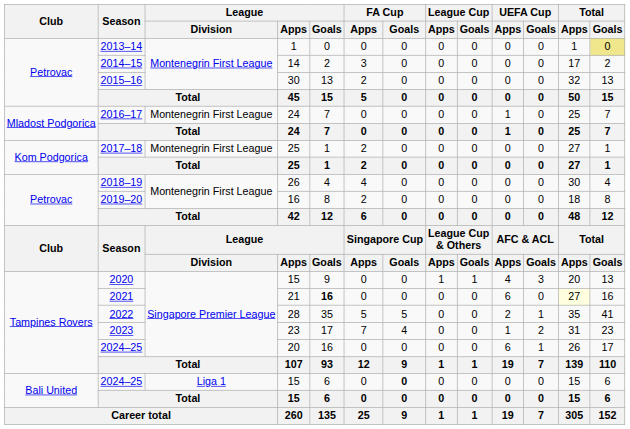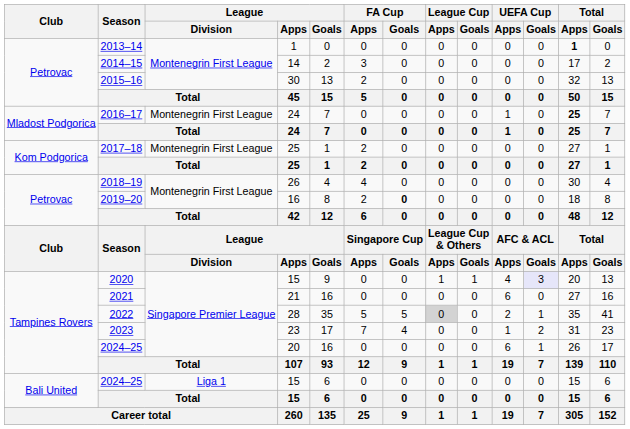 <table class="wikitable" style="text-align: center">
 <tr>
 <th rowspan="2">Club</th>
 <th rowspan="2">Season</th>
 <th colspan="3">League</th>
 <th colspan="2">FA Cup</th>
 <th colspan="2">League Cup</th>
 <th colspan="2">UEFA Cup</th>
 <th colspan="2">Total</th>
 </tr>
 <tr>
 <th>Division</th>
 <th>Apps</th>
 <th>Goals</th>
 <th>Apps</th>
 <th>Goals</th>
 <th>Apps</th>
 <th>Goals</th>
 <th>Apps</th>
 <th>Goals</th>
 <th>Apps</th>
 <th>Goals</th>
 </tr>
 <tr>
 <td rowspan="4"><a href='#'>Petrovac</a></td>
 <td><a href='#'>2013–14</a></td>
 <td rowspan="3"><a href='#'>Montenegrin First League</a></td>
 <td>1</td>
 <td>0</td>
 <td>0</td>
 <td>0</td>
 <td>0</td>
 <td>0</td>
 <td>0</td>
 <td>0</td>
-<td>1</td>
-<td style="background: khaki;">0</td>
+<td><strong>1</strong></td>
+<td>0</td>
 </tr>
 <tr>
 <td><a href='#'>2014–15</a></td>
 <td>14</td>
 <td>2</td>
 <td>3</td>
 <td>0</td>
 <td>0</td>
 <td>0</td>
 <td>0</td>
 <td>0</td>
 <td>17</td>
 <td>2</td>
 </tr>
 <tr>
 <td><a href='#'>2015–16</a></td>
 <td>30</td>
 <td>13</td>
 <td>2</td>
 <td>0</td>
 <td>0</td>
 <td>0</td>
 <td>0</td>
 <td>0</td>
 <td>32</td>
 <td>13</td>
 </tr>
 <tr>
 <th colspan=2>Total</th>
 <th>45</th>
 <th>15</th>
 <th>5</th>
 <th>0</th>
 <th>0</th>
 <th>0</th>
 <th>0</th>
 <th>0</th>
 <th>50</th>
 <th>15</th>
 </tr>
 <tr>
 <td rowspan="2"><a href='#'>Mladost Podgorica</a></td>
 <td><a href='#'>2016–17</a></td>
 <td>Montenegrin First League</td>
 <td>24</td>
 <td>7</td>
 <td>0</td>
 <td>0</td>
 <td>0</td>
 <td>0</td>
 <td>1</td>
 <td>0</td>
-<td>25</td>
+<td><strong>25</strong></td>
 <td>7</td>
 </tr>
 <tr>
 <th colspan=2>Total</th>
 <th>24</th>
 <th>7</th>
 <th>0</th>
 <th>0</th>
 <th>0</th>
 <th>0</th>
 <th>1</th>
 <th>0</th>
 <th>25</th>
 <th>7</th>
 </tr>
 <tr>
 <td rowspan="2"><a href='#'>Kom Podgorica</a></td>
 <td><a href='#'>2017–18</a></td>
 <td>Montenegrin First League</td>
 <td>25</td>
 <td>1</td>
 <td>2</td>
 <td>0</td>
 <td>0</td>
 <td>0</td>
 <td>0</td>
 <td>0</td>
 <td>27</td>
 <td>1</td>
 </tr>
 <tr>
 <th colspan=2>Total</th>
 <th>25</th>
 <th>1</th>
 <th>2</th>
 <th>0</th>
 <th>0</th>
 <th>0</th>
 <th>0</th>
 <th>0</th>
 <th>27</th>
 <th>1</th>
 </tr>
 <tr>
 <td rowspan="3"><a href='#'>Petrovac</a></td>
 <td><a href='#'>2018–19</a></td>
 <td rowspan="2">Montenegrin First League</td>
 <td>26</td>
 <td>4</td>
 <td>4</td>
 <td>0</td>
 <td>0</td>
 <td>0</td>
 <td>0</td>
 <td>0</td>
 <td>30</td>
 <td>4</td>
 </tr>
 <tr>
 <td><a href='#'>2019–20</a></td>
 <td>16</td>
 <td>8</td>
 <td>2</td>
-<td>0</td>
+<td><strong>0</strong></td>
 <td>0</td>
 <td>0</td>
 <td>0</td>
 <td>0</td>
 <td>18</td>
 <td>8</td>
 </tr>
 <tr>
 <th colspan=2>Total</th>
 <th>42</th>
 <th>12</th>
 <th>6</th>
 <th>0</th>
 <th>0</th>
 <th>0</th>
 <th>0</th>
 <th>0</th>
 <th>48</th>
 <th>12</th>
 </tr>
 <tr>
 <th rowspan="2">Club</th>
 <th rowspan="2">Season</th>
 <th colspan="3">League</th>
 <th colspan="2">Singapore Cup</th>
 <th colspan="2">League Cup <br> & Others</th>
 <th colspan="2">AFC & ACL</th>
 <th colspan="2">Total</th>
 </tr>
 <tr>
 <th>Division</th>
 <th>Apps</th>
 <th>Goals</th>
 <th>Apps</th>
 <th>Goals</th>
 <th>Apps</th>
 <th>Goals</th>
 <th>Apps</th>
 <th>Goals</th>
 <th>Apps</th>
 <th>Goals</th>
 </tr>
 <tr>
 <td rowspan="6"><a href='#'>Tampines Rovers</a></td>
 <td><a href='#'>2020</a></td>
 <td rowspan="5"><a href='#'>Singapore Premier League</a></td>
 <td>15</td>
 <td>9</td>
 <td>0</td>
 <td>0</td>
 <td>1</td>
 <td>1</td>
 <td>4</td>
-<td>3</td>
+<td style="background: lavender;">3</td>
 <td>20</td>
 <td>13</td>
 </tr>
 <tr>
 <td><a href='#'>2021</a></td>
 <td>21</td>
-<td><strong>16</strong></td>
+<td>16</td>
 <td>0</td>
 <td>0</td>
 <td>0</td>
 <td>0</td>
 <td>6</td>
 <td>0</td>
-<td style="background: lightyellow;">27</td>
+<td>27</td>
 <td>16</td>
 </tr>
 <tr>
 <td><a href='#'>2022</a></td>
 <td>28</td>
 <td>35</td>
 <td>5</td>
 <td>5</td>
-<td>0</td>
+<td style="background: lightgrey;">0</td>
 <td>0</td>
 <td>2</td>
 <td>1</td>
 <td>35</td>
 <td>41</td>
 </tr>
 <tr>
 <td><a href='#'>2023</a></td>
 <td>23</td>
 <td>17</td>
 <td>7</td>
 <td>4</td>
 <td>0</td>
 <td>0</td>
 <td>1</td>
 <td>2</td>
 <td>31</td>
 <td>23</td>
 </tr>
 <tr>
 <td><a href='#'>2024–25</a></td>
 <td>20</td>
 <td>16</td>
 <td>0</td>
 <td>0</td>
 <td>0</td>
 <td>0</td>
 <td>6</td>
 <td>1</td>
 <td>26</td>
 <td>17</td>
 </tr>
 <tr>
 <th colspan=2>Total</th>
 <th>107</th>
 <th>93</th>
 <th>12</th>
 <th>9</th>
 <th>1</th>
 <th>1</th>
 <th>19</th>
 <th>7</th>
 <th>139</th>
 <th>110</th>
 </tr>
 <tr>
 <td rowspan="2"><a href='#'>Bali United</a></td>
 <td><a href='#'>2024–25</a></td>
 <td><a href='#'>Liga 1</a></td>
 <td>15</td>
 <td>6</td>
 <td>0</td>
-<td><strong>0</strong></td>
+<td>0</td>
 <td>0</td>
 <td>0</td>
 <td>0</td>
 <td>0</td>
 <td>15</td>
 <td>6</td>
 </tr>
 <tr>
 <th colspan=2>Total</th>
 <th>15</th>
 <th>6</th>
 <th>0</th>
 <th>0</th>
 <th>0</th>
 <th>0</th>
 <th>0</th>
 <th>0</th>
 <th>15</th>
 <th>6</th>
 </tr>
 <tr>
 <th colspan=3>Career total</th>
 <th>260</th>
 <th>135</th>
 <th>25</th>
 <th>9</th>
 <th>1</th>
 <th>1</th>
 <th>19</th>
 <th>7</th>
 <th>305</th>
 <th>152</th>
 </tr>
 </table>
